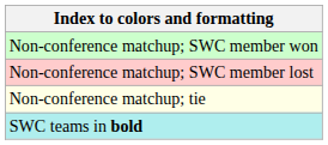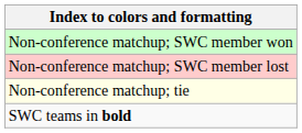 <table class="wikitable">
 <tr>
 <th>Index to colors and formatting</th>
 </tr>
 <tr bgcolor=#ccffcc>
 <td>Non-conference matchup; SWC member won</td>
 </tr>
 <tr bgcolor=#ffcccc>
 <td>Non-conference matchup; SWC member lost</td>
 </tr>
 <tr bgcolor=#ffffe6>
 <td>Non-conference matchup; tie</td>
 </tr>
 <tr>
-<td style="background: paleturquoise;">SWC teams in <strong>bold</strong></td>
+<td>SWC teams in <strong>bold</strong></td>
 </tr>
 </table>
